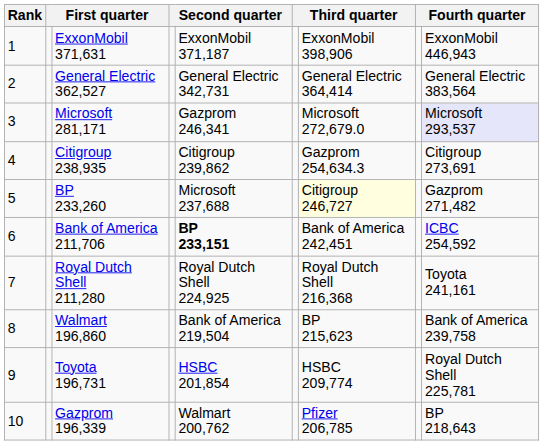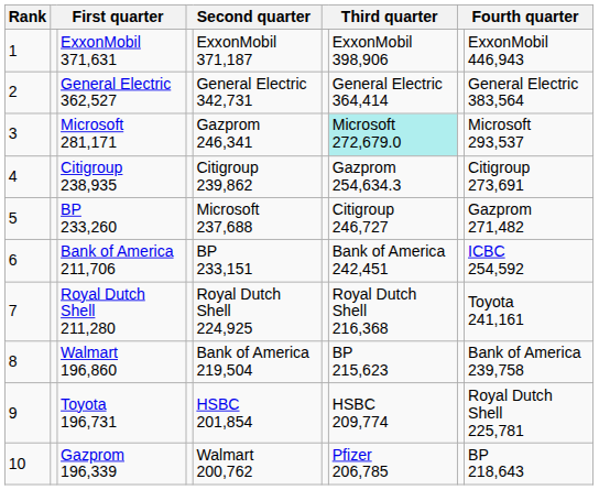 <table class="wikitable">
 <tr>
 <th>Rank</th>
 <th colspan=2>First quarter</th>
 <th colspan=2>Second quarter</th>
 <th colspan=2>Third quarter</th>
 <th colspan=2>Fourth quarter</th>
 </tr>
 <tr>
 <td>1</td>
 <td></td>
 <td><a href='#'>ExxonMobil</a> <br> 371,631</td>
 <td></td>
 <td>ExxonMobil <br> 371,187</td>
 <td></td>
 <td>ExxonMobil <br> 398,906</td>
 <td></td>
 <td>ExxonMobil <br> 446,943</td>
 </tr>
 <tr>
 <td>2</td>
 <td></td>
 <td><a href='#'>General Electric</a> <br> 362,527</td>
 <td></td>
 <td>General Electric <br> 342,731</td>
 <td></td>
 <td>General Electric <br> 364,414</td>
 <td></td>
 <td>General Electric <br> 383,564</td>
 </tr>
 <tr>
 <td>3</td>
 <td></td>
 <td><a href='#'>Microsoft</a> <br> 281,171</td>
 <td></td>
 <td>Gazprom <br> 246,341</td>
 <td></td>
-<td>Microsoft <br> 272,679.0</td>
+<td style="background: paleturquoise;">Microsoft <br> 272,679.0</td>
 <td></td>
-<td style="background: lavender;">Microsoft <br> 293,537</td>
+<td>Microsoft <br> 293,537</td>
 </tr>
 <tr>
 <td>4</td>
 <td></td>
 <td><a href='#'>Citigroup</a> <br> 238,935</td>
 <td></td>
 <td>Citigroup <br> 239,862</td>
 <td></td>
 <td>Gazprom <br> 254,634.3</td>
 <td></td>
 <td>Citigroup <br> 273,691</td>
 </tr>
 <tr>
 <td>5</td>
 <td></td>
 <td><a href='#'>BP</a> <br> 233,260</td>
 <td></td>
 <td>Microsoft <br> 237,688</td>
 <td></td>
-<td style="background: lightyellow;">Citigroup <br> 246,727</td>
+<td>Citigroup <br> 246,727</td>
 <td></td>
 <td>Gazprom <br> 271,482</td>
 </tr>
 <tr>
 <td>6</td>
 <td></td>
 <td><a href='#'>Bank of America</a> <br> 211,706</td>
 <td></td>
-<td><strong>BP <br> 233,151</strong></td>
+<td>BP <br> 233,151</td>
 <td></td>
 <td>Bank of America <br> 242,451</td>
 <td></td>
 <td><a href='#'>ICBC</a> <br> 254,592</td>
 </tr>
 <tr>
 <td>7</td>
 <td> <br> </td>
 <td><a href='#'>Royal Dutch Shell</a> <br> 211,280</td>
 <td> <br> </td>
 <td>Royal Dutch Shell <br> 224,925</td>
 <td> <br> </td>
 <td>Royal Dutch Shell <br> 216,368</td>
 <td></td>
 <td>Toyota <br> 241,161</td>
 </tr>
 <tr>
 <td>8</td>
 <td></td>
 <td><a href='#'>Walmart</a> <br> 196,860</td>
 <td></td>
 <td>Bank of America <br> 219,504</td>
 <td></td>
 <td>BP <br> 215,623</td>
 <td></td>
 <td>Bank of America <br> 239,758</td>
 </tr>
 <tr>
 <td>9</td>
 <td></td>
 <td><a href='#'>Toyota</a> <br> 196,731</td>
 <td></td>
 <td><a href='#'>HSBC</a> <br> 201,854</td>
 <td></td>
 <td>HSBC <br> 209,774</td>
 <td> <br> </td>
 <td>Royal Dutch Shell <br> 225,781</td>
 </tr>
 <tr>
 <td>10</td>
 <td></td>
 <td><a href='#'>Gazprom</a> <br> 196,339</td>
 <td></td>
 <td>Walmart <br> 200,762</td>
 <td></td>
 <td><a href='#'>Pfizer</a> <br> 206,785</td>
 <td></td>
 <td>BP <br> 218,643</td>
 </tr>
 </table>
